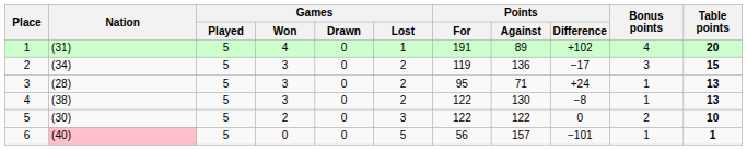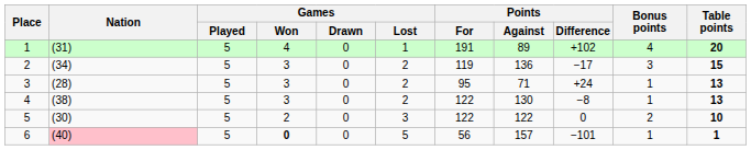 <table class="wikitable" style="text-align:center">
 <tr>
 <th rowspan=2 width="6%">Place</th>
 <th rowspan=2 width="20%">Nation</th>
 <th colspan=4 width="40%">Games</th>
 <th colspan=3 width="24%">Points</th>
 <th rowspan=2 width="10%">Bonus<br>points</th>
 <th rowspan=2 width="10%">Table<br>points</th>
 </tr>
 <tr>
 <th width="8%">Played</th>
 <th width="8%">Won</th>
 <th width="8%">Drawn</th>
 <th width="8%">Lost</th>
 <th width="8%">For</th>
 <th width="8%">Against</th>
 <th width="8%">Difference</th>
 </tr>
 <tr bgcolor="#ccffcc">
 <td>1</td>
 <td align=left> (31)</td>
 <td>5</td>
 <td>4</td>
 <td>0</td>
 <td>1</td>
 <td>191</td>
 <td>89</td>
 <td>+102</td>
 <td>4</td>
 <td><strong>20</strong></td>
 </tr>
 <tr>
 <td>2</td>
 <td align=left> (34)</td>
 <td>5</td>
 <td>3</td>
 <td>0</td>
 <td>2</td>
 <td>119</td>
 <td>136</td>
 <td>−17</td>
 <td>3</td>
 <td><strong>15</strong></td>
 </tr>
 <tr>
 <td>3</td>
 <td align=left> (28)</td>
 <td>5</td>
 <td>3</td>
 <td>0</td>
 <td>2</td>
 <td>95</td>
 <td>71</td>
 <td>+24</td>
 <td>1</td>
 <td><strong>13</strong></td>
 </tr>
 <tr>
 <td>4</td>
 <td align=left> (38)</td>
 <td>5</td>
 <td>3</td>
 <td>0</td>
 <td>2</td>
 <td>122</td>
 <td>130</td>
 <td>−8</td>
 <td>1</td>
 <td><strong>13</strong></td>
 </tr>
 <tr>
 <td>5</td>
 <td align=left> (30)</td>
 <td>5</td>
 <td>2</td>
 <td>0</td>
 <td>3</td>
 <td>122</td>
 <td>122</td>
 <td>0</td>
 <td>2</td>
 <td><strong>10</strong></td>
 </tr>
 <tr>
 <td>6</td>
 <td align=left style="background: pink;"> (40)</td>
 <td>5</td>
-<td>0</td>
+<td><strong>0</strong></td>
 <td>0</td>
 <td>5</td>
 <td>56</td>
 <td>157</td>
 <td>−101</td>
 <td>1</td>
 <td><strong>1</strong></td>
 </tr>
 </table>
